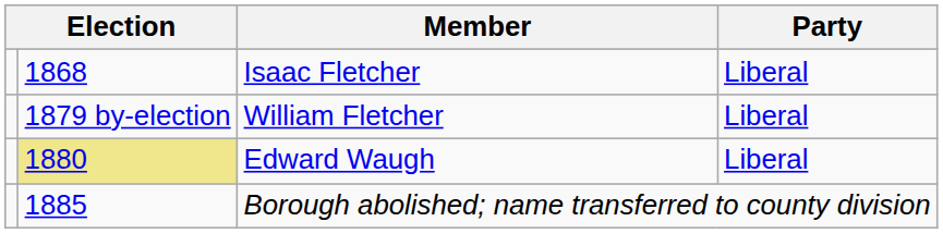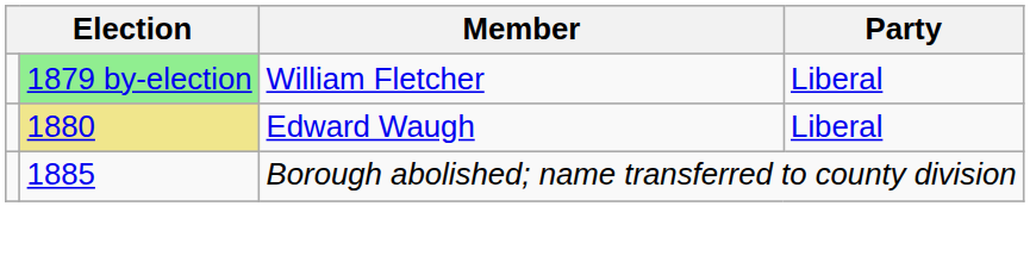 <table class="wikitable">
 <tr>
 <th colspan="2">Election</th>
 <th>Member</th>
 <th>Party</th>
 </tr>
 <tr>
 <td style="color:inherit;background-color: "></td>
-<td><a href='#'>1868</a></td>
-<td><a href='#'>Isaac Fletcher</a></td>
-<td><a href='#'>Liberal</a></td>
-</tr>
-<tr>
-<td style="color:inherit;background-color: "></td>
-<td><a href='#'>1879 by-election</a></td>
+<td style="background: lightgreen;"><a href='#'>1879 by-election</a></td>
 <td><a href='#'>William Fletcher</a></td>
 <td><a href='#'>Liberal</a></td>
 </tr>
 <tr>
 <td style="color:inherit;background-color: "></td>
 <td style="background: khaki;"><a href='#'>1880</a></td>
 <td><a href='#'>Edward Waugh</a></td>
 <td><a href='#'>Liberal</a></td>
 </tr>
 <tr>
 <td></td>
 <td><a href='#'>1885</a></td>
 <td colspan="2"><em>Borough abolished; name transferred to county division</em></td>
 </tr>
 </table>
